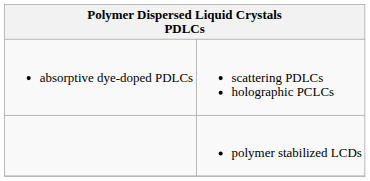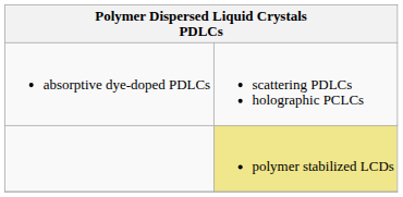 <table class="wikitable">
 <tr valign="top" align="left">
 <th colspan="2" align="center"><strong>Polymer Dispersed Liquid Crystals</strong><br>PDLCs</th>
 </tr>
 <tr>
 <td valign="top"><br><ul><li>absorptive dye-doped PDLCs</li></ul></td>
 <td><br><ul><li>scattering PDLCs</li><li>holographic PCLCs</li></ul></td>
 </tr>
 <tr>
 <td valign="top"></td>
-<td align="right" valign="top"><br><ul><li>polymer stabilized LCDs</li></ul></td>
+<td align="right" valign="top" style="background: khaki;"><br><ul><li>polymer stabilized LCDs</li></ul></td>
 </tr>
 <tr>
 </tr>
 </table>
